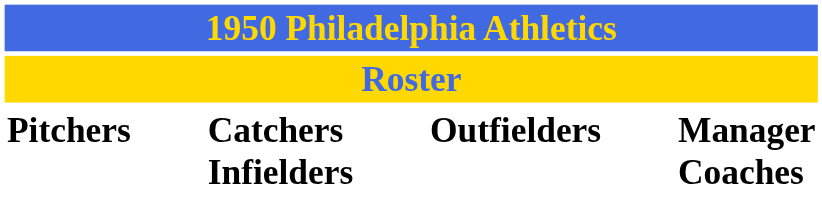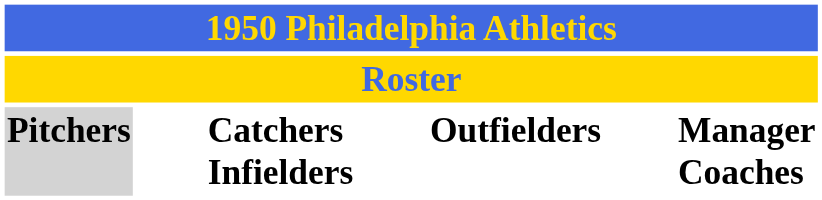 <table class="toccolours" style="font-size: 95%;">
 <tr>
 <th colspan="10" style="background-color: #4169e1; color: #FFD800; text-align: center;">1950 Philadelphia Athletics</th>
 </tr>
 <tr>
 <td colspan="10" style="background-color: #FFD800; color: #4169e1; text-align: center;"><strong>Roster</strong></td>
 </tr>
 <tr>
-<td valign="top"><strong>Pitchers</strong><br>             </td>
+<td valign="top" style="background: lightgrey;"><strong>Pitchers</strong><br>             </td>
 <td width="25px"></td>
 <td valign="top"><strong>Catchers</strong><br>    <strong>Infielders</strong>       </td>
 <td width="25px"></td>
 <td valign="top"><strong>Outfielders</strong><br>       </td>
 <td width="25px"></td>
 <td valign="top"><strong>Manager</strong><br> <strong>Coaches</strong>     </td>
 </tr>
 </table>
